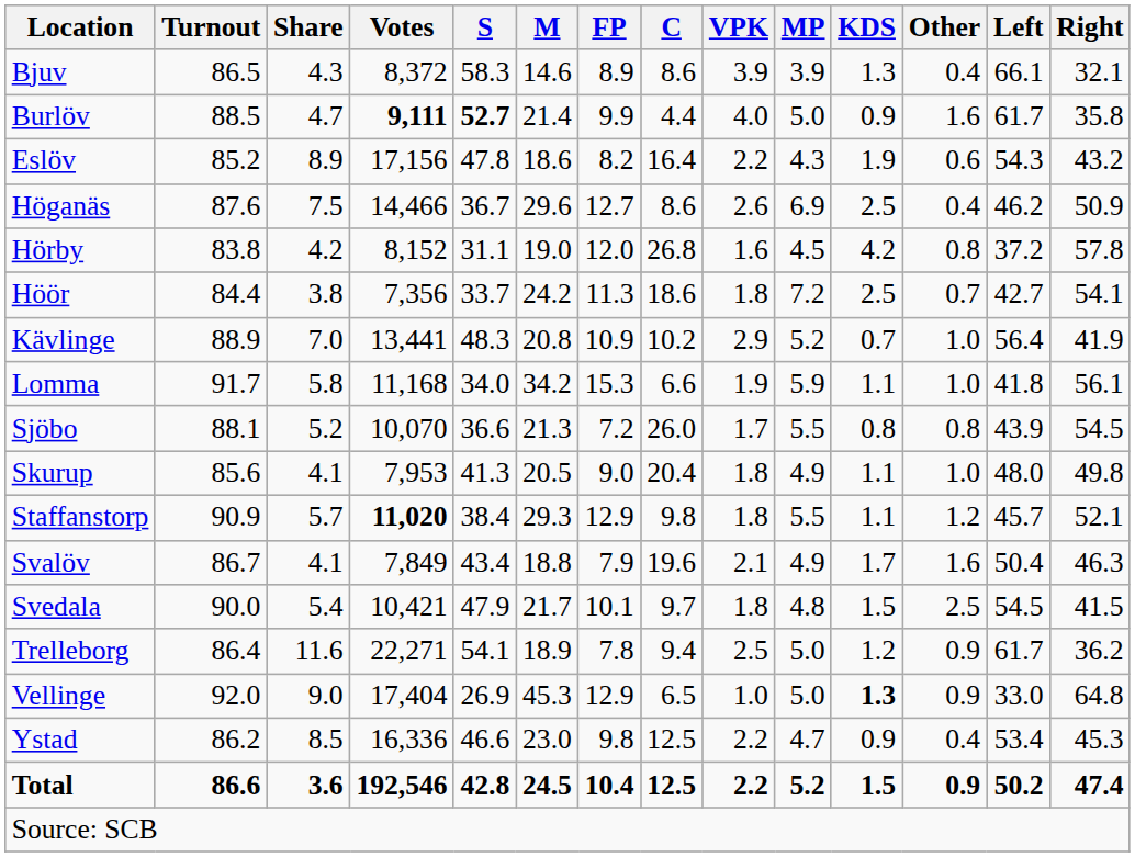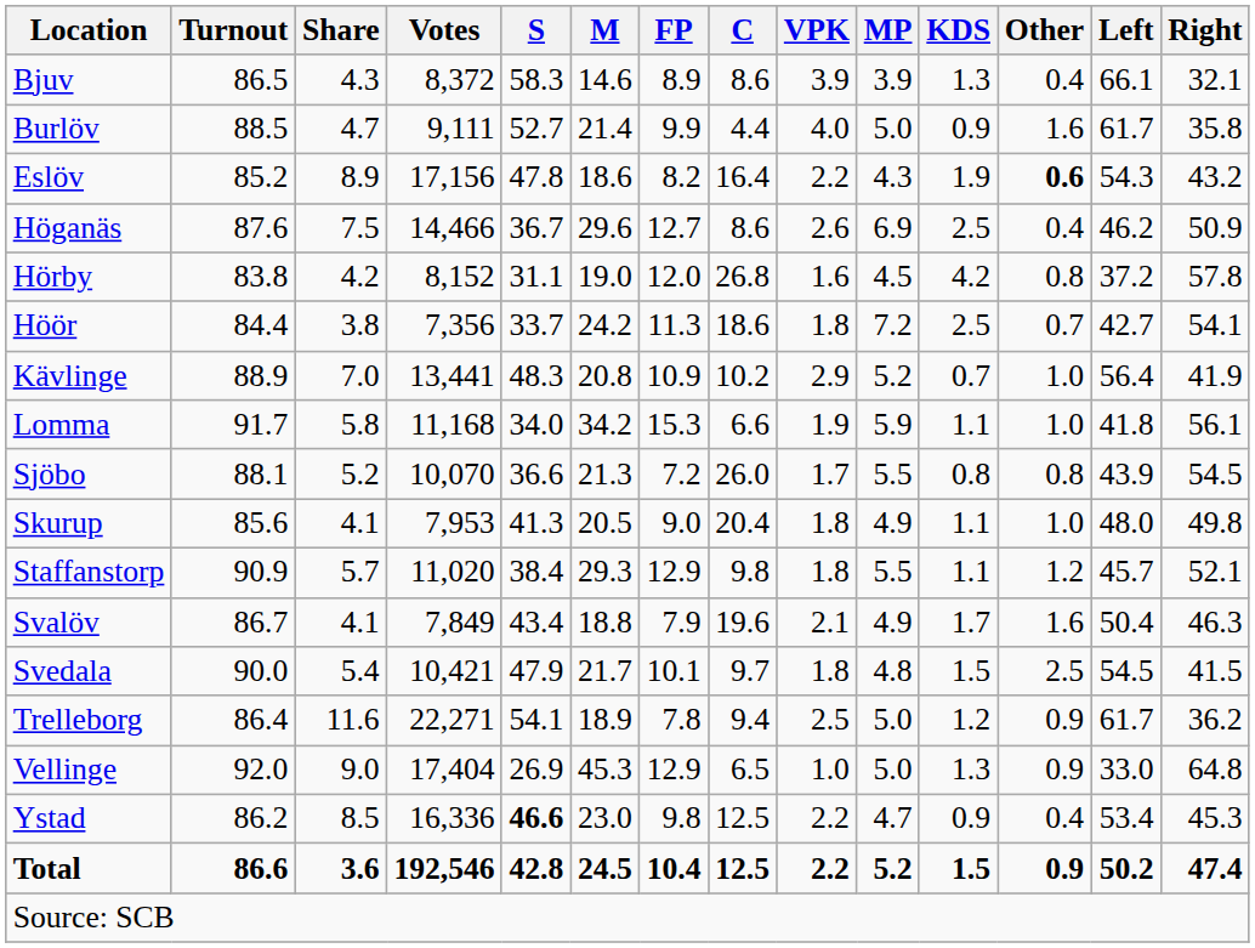 <table class="wikitable sortable" style=text-align:right>
 <tr>
 <th>Location</th>
 <th>Turnout</th>
 <th>Share</th>
 <th>Votes</th>
 <th><a href='#'>S</a></th>
 <th><a href='#'>M</a></th>
 <th><a href='#'>FP</a></th>
 <th><a href='#'>C</a></th>
 <th><a href='#'>VPK</a></th>
 <th><a href='#'>MP</a></th>
 <th><a href='#'>KDS</a></th>
 <th>Other</th>
 <th>Left</th>
 <th>Right</th>
 </tr>
 <tr>
 <td align=left><a href='#'>Bjuv</a></td>
 <td>86.5</td>
 <td>4.3</td>
 <td>8,372</td>
 <td>58.3</td>
 <td>14.6</td>
 <td>8.9</td>
 <td>8.6</td>
 <td>3.9</td>
 <td>3.9</td>
 <td>1.3</td>
 <td>0.4</td>
 <td>66.1</td>
 <td>32.1</td>
 </tr>
 <tr>
 <td align=left><a href='#'>Burlöv</a></td>
 <td>88.5</td>
 <td>4.7</td>
-<td><strong>9,111</strong></td>
-<td><strong>52.7</strong></td>
+<td>9,111</td>
+<td>52.7</td>
 <td>21.4</td>
 <td>9.9</td>
 <td>4.4</td>
 <td>4.0</td>
 <td>5.0</td>
 <td>0.9</td>
 <td>1.6</td>
 <td>61.7</td>
 <td>35.8</td>
 </tr>
 <tr>
 <td align=left><a href='#'>Eslöv</a></td>
 <td>85.2</td>
 <td>8.9</td>
 <td>17,156</td>
 <td>47.8</td>
 <td>18.6</td>
 <td>8.2</td>
 <td>16.4</td>
 <td>2.2</td>
 <td>4.3</td>
 <td>1.9</td>
-<td>0.6</td>
+<td><strong>0.6</strong></td>
 <td>54.3</td>
 <td>43.2</td>
 </tr>
 <tr>
 <td align=left><a href='#'>Höganäs</a></td>
 <td>87.6</td>
 <td>7.5</td>
 <td>14,466</td>
 <td>36.7</td>
 <td>29.6</td>
 <td>12.7</td>
 <td>8.6</td>
 <td>2.6</td>
 <td>6.9</td>
 <td>2.5</td>
 <td>0.4</td>
 <td>46.2</td>
 <td>50.9</td>
 </tr>
 <tr>
 <td align=left><a href='#'>Hörby</a></td>
 <td>83.8</td>
 <td>4.2</td>
 <td>8,152</td>
 <td>31.1</td>
 <td>19.0</td>
 <td>12.0</td>
 <td>26.8</td>
 <td>1.6</td>
 <td>4.5</td>
 <td>4.2</td>
 <td>0.8</td>
 <td>37.2</td>
 <td>57.8</td>
 </tr>
 <tr>
 <td align=left><a href='#'>Höör</a></td>
 <td>84.4</td>
 <td>3.8</td>
 <td>7,356</td>
 <td>33.7</td>
 <td>24.2</td>
 <td>11.3</td>
 <td>18.6</td>
 <td>1.8</td>
 <td>7.2</td>
 <td>2.5</td>
 <td>0.7</td>
 <td>42.7</td>
 <td>54.1</td>
 </tr>
 <tr>
 <td align=left><a href='#'>Kävlinge</a></td>
 <td>88.9</td>
 <td>7.0</td>
 <td>13,441</td>
 <td>48.3</td>
 <td>20.8</td>
 <td>10.9</td>
 <td>10.2</td>
 <td>2.9</td>
 <td>5.2</td>
 <td>0.7</td>
 <td>1.0</td>
 <td>56.4</td>
 <td>41.9</td>
 </tr>
 <tr>
 <td align=left><a href='#'>Lomma</a></td>
 <td>91.7</td>
 <td>5.8</td>
 <td>11,168</td>
 <td>34.0</td>
 <td>34.2</td>
 <td>15.3</td>
 <td>6.6</td>
 <td>1.9</td>
 <td>5.9</td>
 <td>1.1</td>
 <td>1.0</td>
 <td>41.8</td>
 <td>56.1</td>
 </tr>
 <tr>
 <td align=left><a href='#'>Sjöbo</a></td>
 <td>88.1</td>
 <td>5.2</td>
 <td>10,070</td>
 <td>36.6</td>
 <td>21.3</td>
 <td>7.2</td>
 <td>26.0</td>
 <td>1.7</td>
 <td>5.5</td>
 <td>0.8</td>
 <td>0.8</td>
 <td>43.9</td>
 <td>54.5</td>
 </tr>
 <tr>
 <td align=left><a href='#'>Skurup</a></td>
 <td>85.6</td>
 <td>4.1</td>
 <td>7,953</td>
 <td>41.3</td>
 <td>20.5</td>
 <td>9.0</td>
 <td>20.4</td>
 <td>1.8</td>
 <td>4.9</td>
 <td>1.1</td>
 <td>1.0</td>
 <td>48.0</td>
 <td>49.8</td>
 </tr>
 <tr>
 <td align=left><a href='#'>Staffanstorp</a></td>
 <td>90.9</td>
 <td>5.7</td>
-<td><strong>11,020</strong></td>
+<td>11,020</td>
 <td>38.4</td>
 <td>29.3</td>
 <td>12.9</td>
 <td>9.8</td>
 <td>1.8</td>
 <td>5.5</td>
 <td>1.1</td>
 <td>1.2</td>
 <td>45.7</td>
 <td>52.1</td>
 </tr>
 <tr>
 <td align=left><a href='#'>Svalöv</a></td>
 <td>86.7</td>
 <td>4.1</td>
 <td>7,849</td>
 <td>43.4</td>
 <td>18.8</td>
 <td>7.9</td>
 <td>19.6</td>
 <td>2.1</td>
 <td>4.9</td>
 <td>1.7</td>
 <td>1.6</td>
 <td>50.4</td>
 <td>46.3</td>
 </tr>
 <tr>
 <td align=left><a href='#'>Svedala</a></td>
 <td>90.0</td>
 <td>5.4</td>
 <td>10,421</td>
 <td>47.9</td>
 <td>21.7</td>
 <td>10.1</td>
 <td>9.7</td>
 <td>1.8</td>
 <td>4.8</td>
 <td>1.5</td>
 <td>2.5</td>
 <td>54.5</td>
 <td>41.5</td>
 </tr>
 <tr>
 <td align=left><a href='#'>Trelleborg</a></td>
 <td>86.4</td>
 <td>11.6</td>
 <td>22,271</td>
 <td>54.1</td>
 <td>18.9</td>
 <td>7.8</td>
 <td>9.4</td>
 <td>2.5</td>
 <td>5.0</td>
 <td>1.2</td>
 <td>0.9</td>
 <td>61.7</td>
 <td>36.2</td>
 </tr>
 <tr>
 <td align=left><a href='#'>Vellinge</a></td>
 <td>92.0</td>
 <td>9.0</td>
 <td>17,404</td>
 <td>26.9</td>
 <td>45.3</td>
 <td>12.9</td>
 <td>6.5</td>
 <td>1.0</td>
 <td>5.0</td>
-<td><strong>1.3</strong></td>
+<td>1.3</td>
 <td>0.9</td>
 <td>33.0</td>
 <td>64.8</td>
 </tr>
 <tr>
 <td align=left><a href='#'>Ystad</a></td>
 <td>86.2</td>
 <td>8.5</td>
 <td>16,336</td>
-<td>46.6</td>
+<td><strong>46.6</strong></td>
 <td>23.0</td>
 <td>9.8</td>
 <td>12.5</td>
 <td>2.2</td>
 <td>4.7</td>
 <td>0.9</td>
 <td>0.4</td>
 <td>53.4</td>
 <td>45.3</td>
 </tr>
 <tr>
 <td align=left><strong>Total</strong></td>
 <td><strong>86.6</strong></td>
 <td><strong>3.6</strong></td>
 <td><strong>192,546</strong></td>
 <td><strong>42.8</strong></td>
 <td><strong>24.5</strong></td>
 <td><strong>10.4</strong></td>
 <td><strong>12.5</strong></td>
 <td><strong>2.2</strong></td>
 <td><strong>5.2</strong></td>
 <td><strong>1.5</strong></td>
 <td><strong>0.9</strong></td>
 <td><strong>50.2</strong></td>
 <td><strong>47.4</strong></td>
 </tr>
 <tr>
 <td align=left colspan=14>Source: SCB </td>
 </tr>
 </table>
